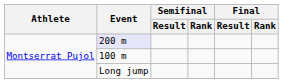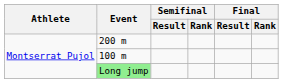 <table class=wikitable style="font-size:95%">
 <tr>
 <th rowspan="2">Athlete</th>
 <th rowspan="2">Event</th>
 <th colspan="2">Semifinal</th>
 <th colspan="2">Final</th>
 </tr>
 <tr>
 <th>Result</th>
 <th>Rank</th>
 <th>Result</th>
 <th>Rank</th>
 </tr>
 <tr>
 <td rowspan="3"><a href='#'>Montserrat Pujol</a></td>
-<td style="background: lavender;">200 m</td>
+<td>200 m</td>
 <td align=center></td>
 <td align=center></td>
 <td align=center></td>
 <td align=center></td>
 </tr>
 <tr>
 <td>100 m</td>
 <td align=center></td>
 <td align=center></td>
 <td align=center></td>
 <td align=center></td>
 </tr>
 <tr>
-<td>Long jump</td>
+<td style="background: lightgreen;">Long jump</td>
 <td align=center></td>
 <td align=center></td>
 <td align=center></td>
 <td align=center></td>
 </tr>
 </table>
